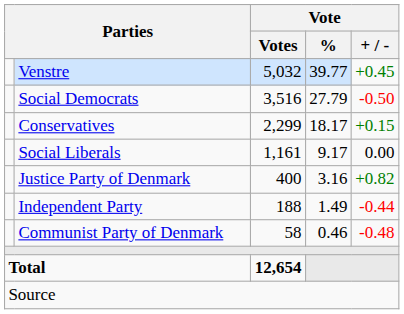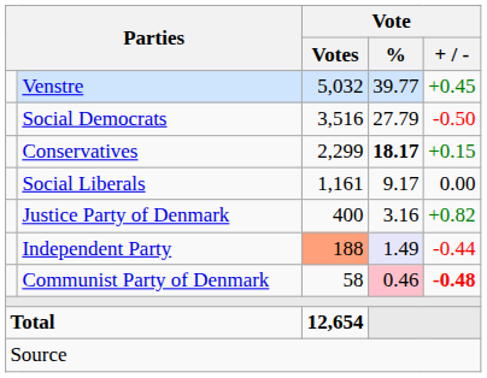 <table class="wikitable" style="text-align:right;">
 <tr>
 <th style="text-align:centre;" rowspan="2" colspan="2" width="225">Parties</th>
 <th colspan="3">Vote</th>
 </tr>
 <tr>
 <th width="15">Votes</th>
 <th width="15">%</th>
 <th width="15">+ / -</th>
 </tr>
 <tr>
 <td width="2" style="color:inherit;background:"></td>
 <td bgcolor=#cfe5fe  align="left"><a href='#'>Venstre</a></td>
 <td bgcolor=#cfe5fe>5,032</td>
 <td bgcolor=#cfe5fe>39.77</td>
 <td style=color:green;>+0.45</td>
 </tr>
 <tr>
 <td width="2" style="color:inherit;background:"></td>
 <td align="left"><a href='#'>Social Democrats</a></td>
 <td>3,516</td>
 <td>27.79</td>
 <td style=color:red;>-0.50</td>
 </tr>
 <tr>
 <td width="2" style="color:inherit;background:"></td>
 <td align="left"><a href='#'>Conservatives</a></td>
 <td>2,299</td>
-<td>18.17</td>
+<td><strong>18.17</strong></td>
 <td style=color:green;>+0.15</td>
 </tr>
 <tr>
 <td width="2" style="color:inherit;background:"></td>
 <td align="left"><a href='#'>Social Liberals</a></td>
 <td>1,161</td>
 <td>9.17</td>
 <td>0.00</td>
 </tr>
 <tr>
 <td width="2" style="color:inherit;background:"></td>
 <td align="left"><a href='#'>Justice Party of Denmark</a></td>
 <td>400</td>
 <td>3.16</td>
 <td style=color:green;>+0.82</td>
 </tr>
 <tr>
 <td width="2" style="color:inherit;background:"></td>
 <td align="left"><a href='#'>Independent Party</a></td>
-<td>188</td>
-<td>1.49</td>
+<td style="background: lightsalmon;">188</td>
+<td style="background: lavender;">1.49</td>
 <td style=color:red;>-0.44</td>
 </tr>
 <tr>
 <td width="2" style="color:inherit;background:"></td>
 <td align="left"><a href='#'>Communist Party of Denmark</a></td>
 <td>58</td>
-<td>0.46</td>
-<td style=color:red;>-0.48</td>
+<td style="background: pink;">0.46</td>
+<td style=color:red;><strong>-0.48</strong></td>
 </tr>
 <tr>
 <td colspan="7" bgcolor="#E9E9E9"></td>
 </tr>
 <tr>
 <td align="left" colspan="2"><strong>Total</strong></td>
 <td><strong>12,654</strong></td>
 <td bgcolor="#E9E9E9" colspan="2"></td>
 </tr>
 <tr>
 <td align="left" colspan="6">Source</td>
 </tr>
 </table>
